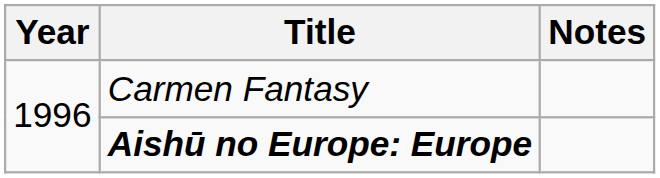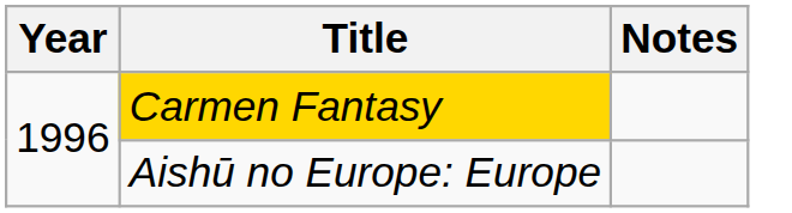 <table class="wikitable">
 <tr>
 <th>Year</th>
 <th>Title</th>
 <th>Notes</th>
 </tr>
 <tr>
 <td rowspan="2">1996</td>
-<td><em>Carmen Fantasy</em></td>
+<td style="background: gold;"><em>Carmen Fantasy</em></td>
 <td></td>
 </tr>
 <tr>
-<td><strong><em>Aishū no Europe: Europe</em></strong></td>
+<td><em>Aishū no Europe: Europe</em></td>
 <td></td>
 </tr>
 </table>
